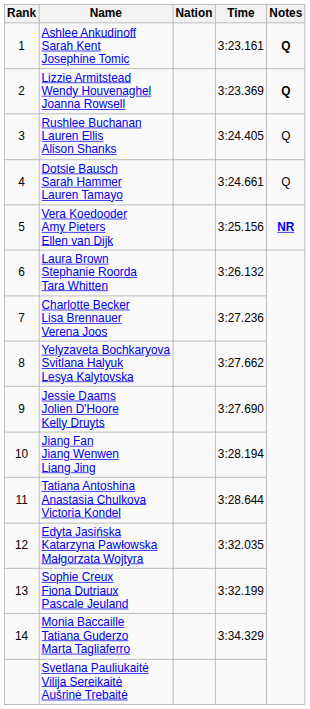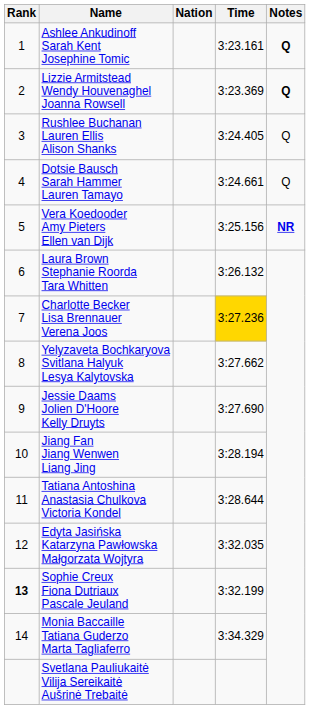 <table class="wikitable sortable" style="text-align:center">
 <tr>
 <th>Rank</th>
 <th>Name</th>
 <th>Nation</th>
 <th>Time</th>
 <th>Notes</th>
 </tr>
 <tr>
 <td>1</td>
 <td align=left><a href='#'>Ashlee Ankudinoff</a><br><a href='#'>Sarah Kent</a><br> <a href='#'>Josephine Tomic</a></td>
 <td align=left></td>
 <td>3:23.161</td>
 <td><strong>Q</strong></td>
 </tr>
 <tr>
 <td>2</td>
 <td align=left><a href='#'>Lizzie Armitstead</a><br><a href='#'>Wendy Houvenaghel</a><br><a href='#'>Joanna Rowsell</a></td>
 <td align=left></td>
 <td>3:23.369</td>
 <td><strong>Q</strong></td>
 </tr>
 <tr>
 <td>3</td>
 <td align=left><a href='#'>Rushlee Buchanan</a><br><a href='#'>Lauren Ellis</a><br><a href='#'>Alison Shanks</a></td>
 <td align=left></td>
 <td>3:24.405</td>
 <td>Q</td>
 </tr>
 <tr>
 <td>4</td>
 <td align=left><a href='#'>Dotsie Bausch</a><br><a href='#'>Sarah Hammer</a><br><a href='#'>Lauren Tamayo</a></td>
 <td align=left></td>
 <td>3:24.661</td>
 <td>Q</td>
 </tr>
 <tr>
 <td>5</td>
 <td align=left><a href='#'>Vera Koedooder</a><br><a href='#'>Amy Pieters</a><br><a href='#'>Ellen van Dijk</a></td>
 <td align=left></td>
 <td>3:25.156</td>
 <td><strong><a href='#'>NR</a></strong></td>
 </tr>
 <tr>
 <td>6</td>
 <td align=left><a href='#'>Laura Brown</a><br><a href='#'>Stephanie Roorda</a><br><a href='#'>Tara Whitten</a></td>
 <td align=left></td>
 <td>3:26.132</td>
 </tr>
 <tr>
 <td>7</td>
 <td align=left><a href='#'>Charlotte Becker</a><br><a href='#'>Lisa Brennauer</a><br><a href='#'>Verena Joos</a></td>
 <td align=left></td>
-<td>3:27.236</td>
+<td style="background: gold;">3:27.236</td>
 </tr>
 <tr>
 <td>8</td>
 <td align=left><a href='#'>Yelyzaveta Bochkaryova</a><br><a href='#'>Svitlana Halyuk</a><br><a href='#'>Lesya Kalytovska</a></td>
 <td align=left></td>
 <td>3:27.662</td>
 </tr>
 <tr>
 <td>9</td>
 <td align=left><a href='#'>Jessie Daams</a><br><a href='#'>Jolien D'Hoore</a><br><a href='#'>Kelly Druyts</a></td>
 <td align=left></td>
 <td>3:27.690</td>
 </tr>
 <tr>
 <td>10</td>
 <td align=left><a href='#'>Jiang Fan</a> <br><a href='#'>Jiang Wenwen</a><br><a href='#'>Liang Jing</a></td>
 <td align=left></td>
 <td>3:28.194</td>
 </tr>
 <tr>
 <td>11</td>
 <td align=left><a href='#'>Tatiana Antoshina</a><br><a href='#'>Anastasia Chulkova</a><br><a href='#'>Victoria Kondel</a></td>
 <td align=left></td>
 <td>3:28.644</td>
 </tr>
 <tr>
 <td>12</td>
 <td align=left><a href='#'>Edyta Jasińska</a><br><a href='#'>Katarzyna Pawłowska</a><br><a href='#'>Małgorzata Wojtyra</a></td>
 <td align=left></td>
 <td>3:32.035</td>
 </tr>
 <tr>
-<td>13</td>
+<td><strong>13</strong></td>
 <td align=left><a href='#'>Sophie Creux</a><br><a href='#'>Fiona Dutriaux</a> <br><a href='#'>Pascale Jeuland</a></td>
 <td align=left></td>
 <td>3:32.199</td>
 </tr>
 <tr>
 <td>14</td>
 <td align=left><a href='#'>Monia Baccaille</a> <br><a href='#'>Tatiana Guderzo</a><br><a href='#'>Marta Tagliaferro</a></td>
 <td align=left></td>
 <td>3:34.329</td>
 </tr>
 <tr>
 <td></td>
 <td align=left><a href='#'>Svetlana Pauliukaitė</a><br><a href='#'>Vilija Sereikaitė</a> <br><a href='#'>Aušrinė Trebaitė</a></td>
 <td align=left></td>
 <td></td>
 </tr>
 </table>
